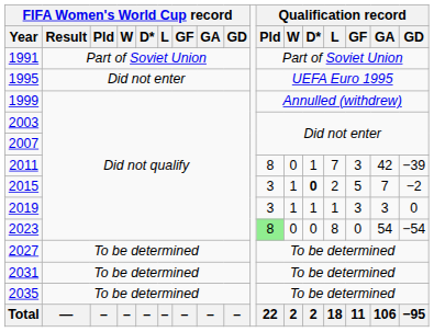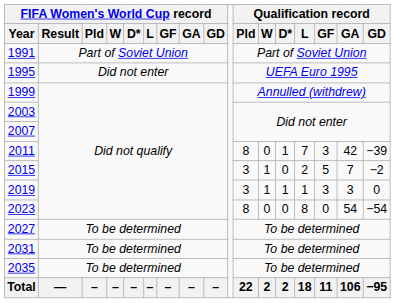 <table class="wikitable" style="text-align: center;">
 <tr>
 <th colspan=9><a href='#'>FIFA Women's World Cup</a> record</th>
 <td rowspan=100></td>
 <th colspan=7>Qualification record</th>
 </tr>
 <tr>
 <th>Year</th>
 <th>Result</th>
 <th>Pld</th>
 <th>W</th>
 <th>D*</th>
 <th>L</th>
 <th>GF</th>
 <th>GA</th>
 <th>GD</th>
 <th>Pld</th>
 <th>W</th>
 <th>D*</th>
 <th>L</th>
 <th>GF</th>
 <th>GA</th>
 <th>GD</th>
 </tr>
 <tr>
 <td> <a href='#'>1991</a></td>
 <td colspan=8><em>Part of  <a href='#'>Soviet Union</a></em></td>
 <td colspan=7><em>Part of  <a href='#'>Soviet Union</a></em></td>
 </tr>
 <tr>
 <td> <a href='#'>1995</a></td>
 <td colspan=8><em>Did not enter</em></td>
 <td colspan=7><em><a href='#'>UEFA Euro 1995</a></em></td>
 </tr>
 <tr>
 <td> <a href='#'>1999</a></td>
 <td colspan=8 rowspan=7><em>Did not qualify</em></td>
 <td colspan=7><em><a href='#'>Annulled (withdrew)</a></em></td>
 </tr>
 <tr>
 <td> <a href='#'>2003</a></td>
 <td colspan=7 rowspan=2><em>Did not enter</em></td>
 </tr>
 <tr>
 <td> <a href='#'>2007</a></td>
 </tr>
 <tr>
 <td> <a href='#'>2011</a></td>
 <td>8</td>
 <td>0</td>
 <td>1</td>
 <td>7</td>
 <td>3</td>
 <td>42</td>
 <td>−39</td>
 </tr>
 <tr>
 <td> <a href='#'>2015</a></td>
 <td>3</td>
 <td>1</td>
-<td><strong>0</strong></td>
+<td>0</td>
 <td>2</td>
 <td>5</td>
 <td>7</td>
 <td>−2</td>
 </tr>
 <tr>
 <td> <a href='#'>2019</a></td>
 <td>3</td>
 <td>1</td>
 <td>1</td>
 <td>1</td>
 <td>3</td>
 <td>3</td>
 <td>0</td>
 </tr>
 <tr>
 <td> <a href='#'>2023</a></td>
-<td style="background: lightgreen;">8</td>
+<td>8</td>
 <td>0</td>
 <td>0</td>
 <td>8</td>
 <td>0</td>
 <td>54</td>
 <td>−54</td>
 </tr>
 <tr>
 <td> <a href='#'>2027</a></td>
 <td colspan=8><em>To be determined</em></td>
 <td colspan=7><em>To be determined</em></td>
 </tr>
 <tr>
 <td> <a href='#'>2031</a></td>
 <td colspan=8><em>To be determined</em></td>
 <td colspan=7><em>To be determined</em></td>
 </tr>
 <tr>
 <td> <a href='#'>2035</a></td>
 <td colspan=8><em>To be determined</em></td>
 <td colspan=7><em>To be determined</em></td>
 </tr>
 <tr>
 <th>Total</th>
 <th>—</th>
 <th>–</th>
 <th>–</th>
 <th>–</th>
 <th>–</th>
 <th>–</th>
 <th>–</th>
 <th>–</th>
 <th>22</th>
 <th>2</th>
 <th>2</th>
 <th>18</th>
 <th>11</th>
 <th>106</th>
 <th>−95</th>
 </tr>
 </table>
